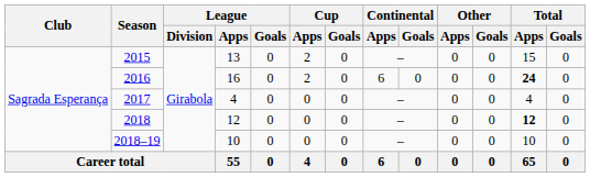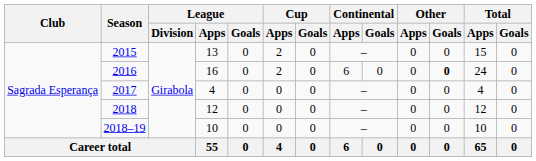 <table class="wikitable" style="text-align: center">
 <tr>
 <th rowspan="2">Club</th>
 <th rowspan="2">Season</th>
 <th colspan="3">League</th>
 <th colspan="2">Cup</th>
 <th colspan="2">Continental</th>
 <th colspan="2">Other</th>
 <th colspan="2">Total</th>
 </tr>
 <tr>
 <th>Division</th>
 <th>Apps</th>
 <th>Goals</th>
 <th>Apps</th>
 <th>Goals</th>
 <th>Apps</th>
 <th>Goals</th>
 <th>Apps</th>
 <th>Goals</th>
 <th>Apps</th>
 <th>Goals</th>
 </tr>
 <tr>
 <td rowspan="5"><a href='#'>Sagrada Esperança</a></td>
 <td><a href='#'>2015</a></td>
 <td rowspan="5"><a href='#'>Girabola</a></td>
 <td>13</td>
 <td>0</td>
 <td>2</td>
 <td>0</td>
 <td colspan="2">–</td>
 <td>0</td>
 <td>0</td>
 <td>15</td>
 <td>0</td>
 </tr>
 <tr>
 <td><a href='#'>2016</a></td>
 <td>16</td>
 <td>0</td>
 <td>2</td>
 <td>0</td>
 <td>6</td>
 <td>0</td>
 <td>0</td>
-<td>0</td>
-<td><strong>24</strong></td>
+<td><strong>0</strong></td>
+<td>24</td>
 <td>0</td>
 </tr>
 <tr>
 <td><a href='#'>2017</a></td>
 <td>4</td>
 <td>0</td>
 <td>0</td>
 <td>0</td>
 <td colspan="2">–</td>
 <td>0</td>
 <td>0</td>
 <td>4</td>
 <td>0</td>
 </tr>
 <tr>
 <td><a href='#'>2018</a></td>
 <td>12</td>
 <td>0</td>
 <td>0</td>
 <td>0</td>
 <td colspan="2">–</td>
 <td>0</td>
 <td>0</td>
-<td><strong>12</strong></td>
+<td>12</td>
 <td>0</td>
 </tr>
 <tr>
 <td><a href='#'>2018–19</a></td>
 <td>10</td>
 <td>0</td>
 <td>0</td>
 <td>0</td>
 <td colspan="2">–</td>
 <td>0</td>
 <td>0</td>
 <td>10</td>
 <td>0</td>
 </tr>
 <tr>
 <th colspan="3"><strong>Career total</strong></th>
 <th>55</th>
 <th>0</th>
 <th>4</th>
 <th>0</th>
 <th>6</th>
 <th>0</th>
 <th>0</th>
 <th>0</th>
 <th>65</th>
 <th>0</th>
 </tr>
 </table>
